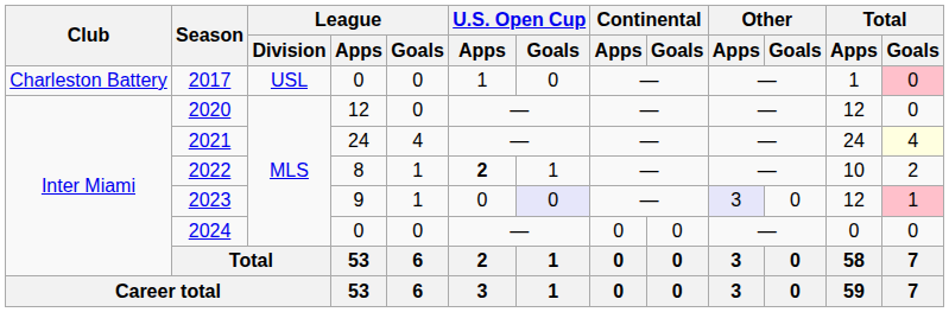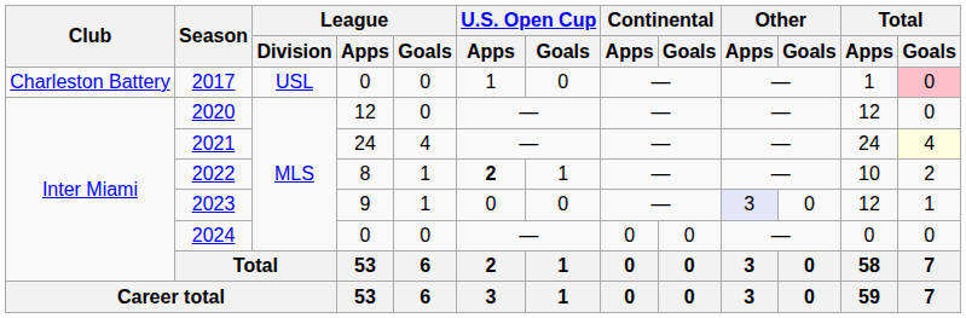 <table class="wikitable" style="text-align:center">
 <tr>
 <th rowspan="2">Club</th>
 <th rowspan="2">Season</th>
 <th colspan="3">League</th>
 <th colspan="2"><a href='#'>U.S. Open Cup</a></th>
 <th colspan="2">Continental</th>
 <th colspan="2">Other</th>
 <th colspan="2">Total</th>
 </tr>
 <tr>
 <th>Division</th>
 <th>Apps</th>
 <th>Goals</th>
 <th>Apps</th>
 <th>Goals</th>
 <th>Apps</th>
 <th>Goals</th>
 <th>Apps</th>
 <th>Goals</th>
 <th>Apps</th>
 <th>Goals</th>
 </tr>
 <tr>
 <td><a href='#'>Charleston Battery</a></td>
 <td><a href='#'>2017</a></td>
 <td><a href='#'>USL</a></td>
 <td>0</td>
 <td>0</td>
 <td>1</td>
 <td>0</td>
 <td colspan="2">—</td>
 <td colspan="2">—</td>
 <td>1</td>
 <td style="background: pink;">0</td>
 </tr>
 <tr>
 <td rowspan="6"><a href='#'>Inter Miami</a></td>
 <td><a href='#'>2020</a></td>
 <td rowspan="5"><a href='#'>MLS</a></td>
 <td>12</td>
 <td>0</td>
 <td colspan="2">—</td>
 <td colspan="2">—</td>
 <td colspan="2">—</td>
 <td>12</td>
 <td>0</td>
 </tr>
 <tr>
 <td><a href='#'>2021</a></td>
 <td>24</td>
 <td>4</td>
 <td colspan="2">—</td>
 <td colspan="2">—</td>
 <td colspan="2">—</td>
 <td>24</td>
 <td style="background: lightyellow;">4</td>
 </tr>
 <tr>
 <td><a href='#'>2022</a></td>
 <td>8</td>
 <td>1</td>
 <td><strong>2</strong></td>
 <td>1</td>
 <td colspan="2">—</td>
 <td colspan="2">—</td>
 <td>10</td>
 <td>2</td>
 </tr>
 <tr>
 <td><a href='#'>2023</a></td>
 <td>9</td>
 <td>1</td>
 <td>0</td>
-<td style="background: lavender;">0</td>
+<td>0</td>
 <td colspan="2">—</td>
 <td style="background: lavender;">3</td>
 <td>0</td>
 <td>12</td>
-<td style="background: pink;">1</td>
+<td>1</td>
 </tr>
 <tr>
 <td><a href='#'>2024</a></td>
 <td>0</td>
 <td>0</td>
 <td colspan="2">—</td>
 <td>0</td>
 <td>0</td>
 <td colspan="2">—</td>
 <td>0</td>
 <td>0</td>
 </tr>
 <tr>
 <th colspan="2">Total</th>
 <th>53</th>
 <th>6</th>
 <th>2</th>
 <th>1</th>
 <th>0</th>
 <th>0</th>
 <th>3</th>
 <th>0</th>
 <th>58</th>
 <th>7</th>
 </tr>
 <tr>
 <th colspan="3">Career total</th>
 <th>53</th>
 <th>6</th>
 <th>3</th>
 <th>1</th>
 <th>0</th>
 <th>0</th>
 <th>3</th>
 <th>0</th>
 <th>59</th>
 <th>7</th>
 </tr>
 </table>
